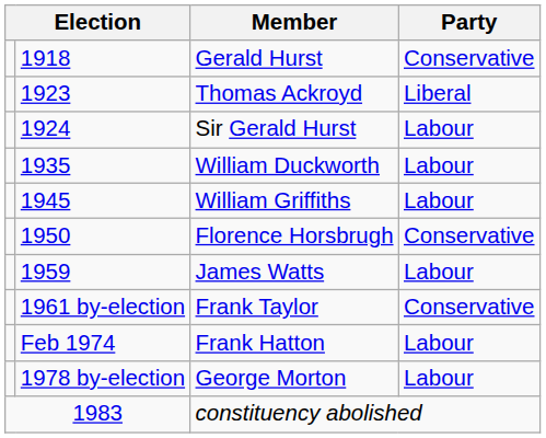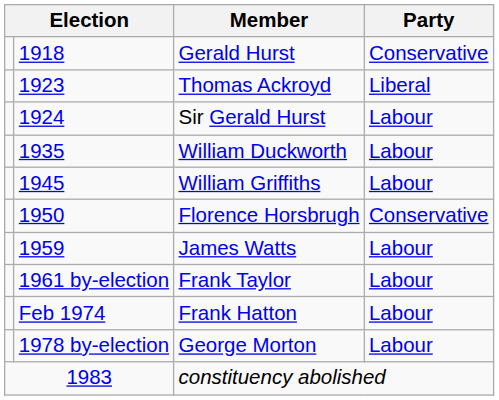 <table class="wikitable">
 <tr>
 <th colspan="2">Election</th>
 <th>Member</th>
 <th>Party</th>
 </tr>
 <tr>
 <td style="color:inherit;background-color: "></td>
 <td><a href='#'>1918</a></td>
 <td><a href='#'>Gerald Hurst</a></td>
 <td><a href='#'>Conservative</a></td>
 </tr>
 <tr>
 <td style="color:inherit;background-color: "></td>
 <td><a href='#'>1923</a></td>
 <td><a href='#'>Thomas Ackroyd</a></td>
 <td><a href='#'>Liberal</a></td>
 </tr>
 <tr>
 <td style="color:inherit;background-color: "></td>
 <td><a href='#'>1924</a></td>
 <td>Sir <a href='#'>Gerald Hurst</a></td>
 <td><a href='#'>Labour</a></td>
 </tr>
 <tr>
 <td style="color:inherit;background-color: "></td>
 <td><a href='#'>1935</a></td>
 <td><a href='#'>William Duckworth</a></td>
 <td><a href='#'>Labour</a></td>
 </tr>
 <tr>
 <td style="color:inherit;background-color: "></td>
 <td><a href='#'>1945</a></td>
 <td><a href='#'>William Griffiths</a></td>
 <td><a href='#'>Labour</a></td>
 </tr>
 <tr>
 <td style="color:inherit;background-color: "></td>
 <td><a href='#'>1950</a></td>
 <td><a href='#'>Florence Horsbrugh</a></td>
 <td><a href='#'>Conservative</a></td>
 </tr>
 <tr>
 <td style="color:inherit;background-color: "></td>
 <td><a href='#'>1959</a></td>
 <td><a href='#'>James Watts</a></td>
 <td><a href='#'>Labour</a></td>
 </tr>
 <tr>
 <td style="color:inherit;background-color: "></td>
 <td><a href='#'>1961 by-election</a></td>
 <td><a href='#'>Frank Taylor</a></td>
-<td><a href='#'>Conservative</a></td>
+<td><a href='#'>Labour</a></td>
 </tr>
 <tr>
 <td style="color:inherit;background-color: "></td>
 <td><a href='#'>Feb 1974</a></td>
 <td><a href='#'>Frank Hatton</a></td>
 <td><a href='#'>Labour</a></td>
 </tr>
 <tr>
 <td style="color:inherit;background-color: "></td>
 <td><a href='#'>1978 by-election</a></td>
 <td><a href='#'>George Morton</a></td>
 <td><a href='#'>Labour</a></td>
 </tr>
 <tr>
 <td colspan="2" align="center"><a href='#'>1983</a></td>
 <td colspan="2"><em>constituency abolished</em></td>
 </tr>
 </table>
